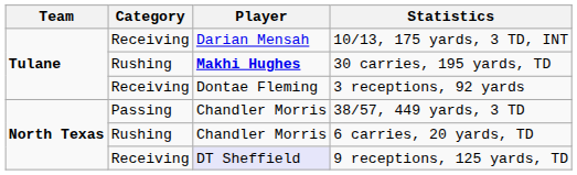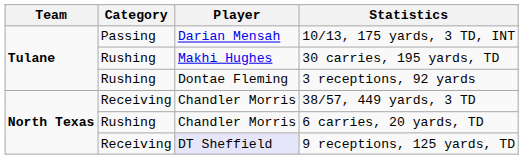 <table class="wikitable" style="float: right;">
 <tr>
 <th>Team</th>
 <th>Category</th>
 <th>Player</th>
 <th>Statistics</th>
 </tr>
 <tr>
 <td rowspan=3><strong>Tulane</strong></td>
-<td>Receiving</td>
+<td>Passing</td>
 <td><a href='#'>Darian Mensah</a></td>
 <td>10/13, 175 yards, 3 TD, INT</td>
 </tr>
 <tr>
 <td>Rushing</td>
-<td><strong><a href='#'>Makhi Hughes</a></strong></td>
+<td><a href='#'>Makhi Hughes</a></td>
 <td>30 carries, 195 yards, TD</td>
 </tr>
 <tr>
-<td>Receiving</td>
+<td>Rushing</td>
 <td>Dontae Fleming</td>
 <td>3 receptions, 92 yards</td>
 </tr>
 <tr>
 <td rowspan=3><strong>North Texas</strong></td>
-<td>Passing</td>
+<td>Receiving</td>
 <td>Chandler Morris</td>
 <td>38/57, 449 yards, 3 TD</td>
 </tr>
 <tr>
 <td>Rushing</td>
 <td>Chandler Morris</td>
 <td>6 carries, 20 yards, TD</td>
 </tr>
 <tr>
 <td>Receiving</td>
 <td style="background: lavender;">DT Sheffield</td>
 <td>9 receptions, 125 yards, TD</td>
 </tr>
 </table>
